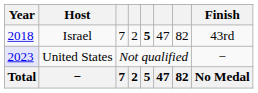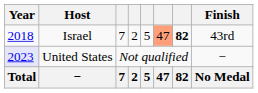 <table class="wikitable" style="text-align: center;">
 <tr>
 <th>Year</th>
 <th>Host</th>
 <th></th>
 <th></th>
 <th></th>
 <th></th>
 <th></th>
 <th>Finish</th>
 </tr>
 <tr>
 <td align=left><a href='#'>2018</a></td>
 <td>Israel</td>
 <td>7</td>
 <td>2</td>
-<td><strong>5</strong></td>
-<td>47</td>
-<td>82</td>
+<td>5</td>
+<td style="background: lightsalmon;">47</td>
+<td><strong>82</strong></td>
 <td>43rd</td>
 </tr>
 <tr>
 <td align=left style="background: lavender;"><a href='#'>2023</a></td>
 <td>United States</td>
 <td colspan=5><em>Not qualified</em></td>
 <td>−</td>
 </tr>
 <tr>
 <th>Total</th>
 <th>−</th>
 <th>7</th>
 <th>2</th>
 <th>5</th>
 <th>47</th>
 <th>82</th>
 <th>No Medal</th>
 </tr>
 </table>
